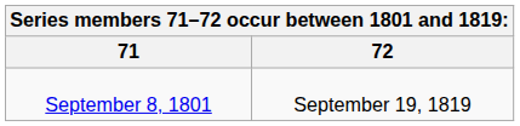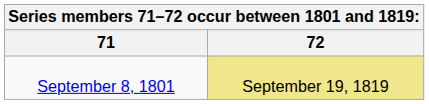 <table class="wikitable collapsible collapsed">
 <tr>
 <th colspan=3>Series members 71–72 occur between 1801 and 1819:</th>
 </tr>
 <tr>
 <th>71</th>
 <th>72</th>
 </tr>
 <tr style="text-align:center;">
 <td><br><a href='#'>September 8, 1801</a></td>
-<td><br>September 19, 1819</td>
+<td style="background: khaki;"><br>September 19, 1819</td>
 </tr>
 </table>
